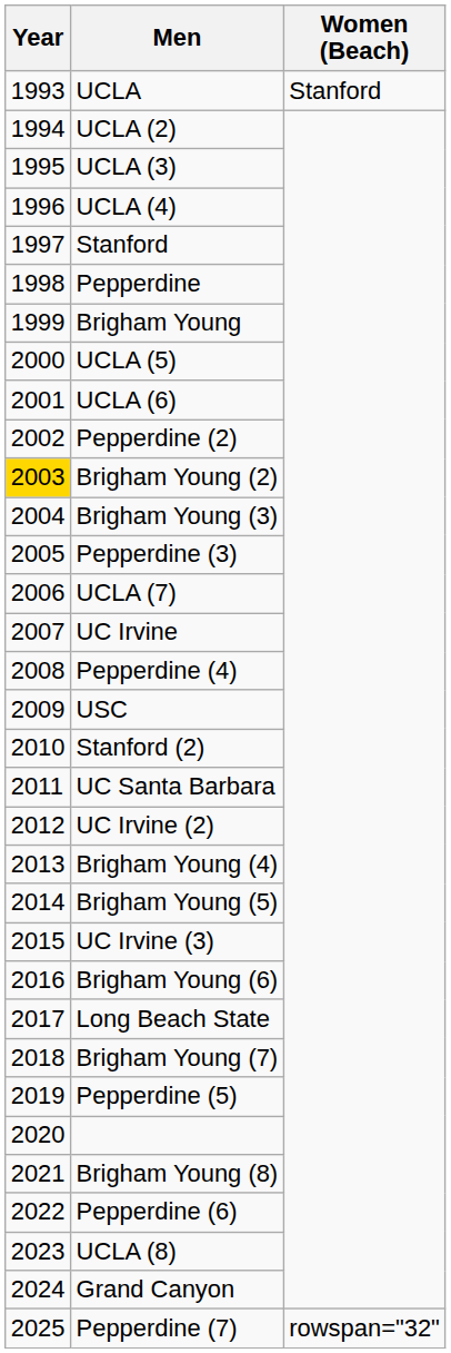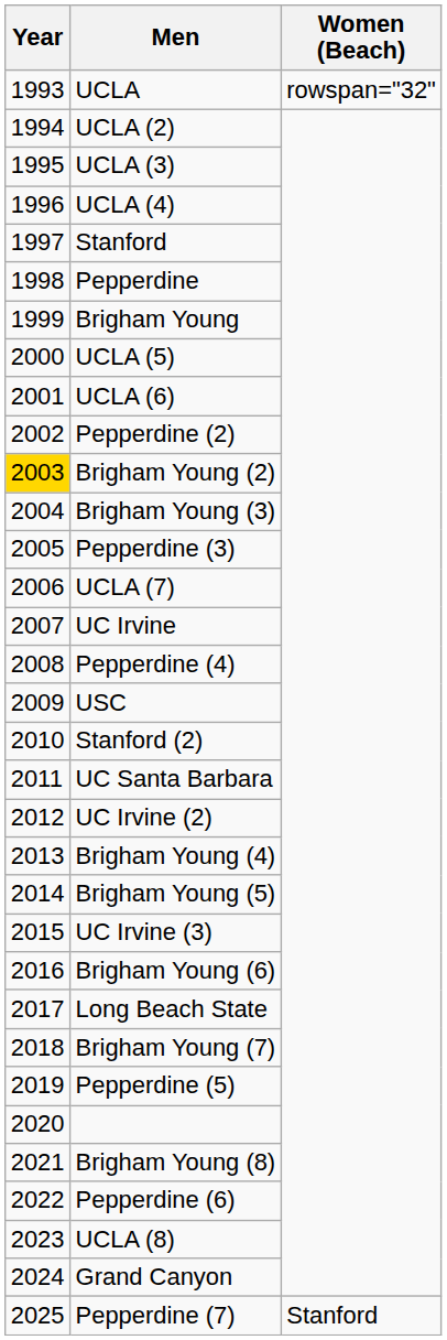 <table class="wikitable">
 <tr>
 <th>Year</th>
 <th>Men</th>
 <th>Women<br>(Beach)</th>
 </tr>
 <tr>
 <td>1993</td>
 <td>UCLA</td>
-<td>Stanford</td>
+<td>rowspan="32" </td>
 </tr>
 <tr>
 <td>1994</td>
 <td>UCLA (2)</td>
 </tr>
 <tr>
 <td>1995</td>
 <td>UCLA (3)</td>
 </tr>
 <tr>
 <td>1996</td>
 <td>UCLA (4)</td>
 </tr>
 <tr>
 <td>1997</td>
 <td>Stanford</td>
 </tr>
 <tr>
 <td>1998</td>
 <td>Pepperdine</td>
 </tr>
 <tr>
 <td>1999</td>
 <td>Brigham Young</td>
 </tr>
 <tr>
 <td>2000</td>
 <td>UCLA (5)</td>
 </tr>
 <tr>
 <td>2001</td>
 <td>UCLA (6)</td>
 </tr>
 <tr>
 <td>2002</td>
 <td>Pepperdine (2)</td>
 </tr>
 <tr>
 <td style="background: gold;">2003</td>
 <td>Brigham Young (2)</td>
 </tr>
 <tr>
 <td>2004</td>
 <td>Brigham Young (3)</td>
 </tr>
 <tr>
 <td>2005</td>
 <td>Pepperdine (3)</td>
 </tr>
 <tr>
 <td>2006</td>
 <td>UCLA (7)</td>
 </tr>
 <tr>
 <td>2007</td>
 <td>UC Irvine</td>
 </tr>
 <tr>
 <td>2008</td>
 <td>Pepperdine (4)</td>
 </tr>
 <tr>
 <td>2009</td>
 <td>USC</td>
 </tr>
 <tr>
 <td>2010</td>
 <td>Stanford (2)</td>
 </tr>
 <tr>
 <td>2011</td>
 <td>UC Santa Barbara</td>
 </tr>
 <tr>
 <td>2012</td>
 <td>UC Irvine (2)</td>
 </tr>
 <tr>
 <td>2013</td>
 <td>Brigham Young (4)</td>
 </tr>
 <tr>
 <td>2014</td>
 <td>Brigham Young (5)</td>
 </tr>
 <tr>
 <td>2015</td>
 <td>UC Irvine (3)</td>
 </tr>
 <tr>
 <td>2016</td>
 <td>Brigham Young (6)</td>
 </tr>
 <tr>
 <td>2017</td>
 <td>Long Beach State</td>
 </tr>
 <tr>
 <td>2018</td>
 <td>Brigham Young (7)</td>
 </tr>
 <tr>
 <td>2019</td>
 <td>Pepperdine (5)</td>
 </tr>
 <tr>
 <td>2020</td>
 <td></td>
 </tr>
 <tr>
 <td>2021</td>
 <td>Brigham Young (8)</td>
 </tr>
 <tr>
 <td>2022</td>
 <td>Pepperdine (6)</td>
 </tr>
 <tr>
 <td>2023</td>
 <td>UCLA (8)</td>
 </tr>
 <tr>
 <td>2024</td>
 <td>Grand Canyon</td>
 </tr>
 <tr>
 <td>2025</td>
 <td>Pepperdine (7)</td>
-<td>rowspan="32" </td>
+<td>Stanford</td>
 </tr>
 </table>
